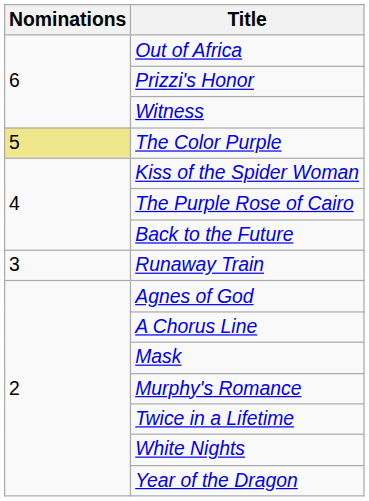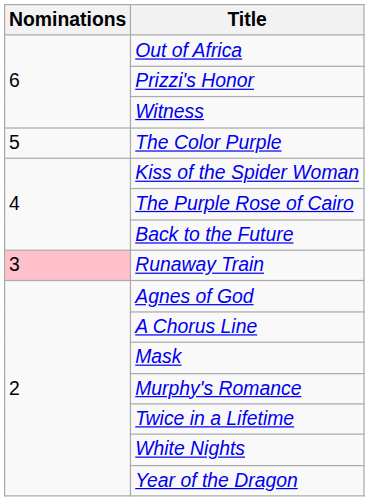 <table class="wikitable">
 <tr>
 <th>Nominations</th>
 <th>Title</th>
 </tr>
 <tr>
 <td rowspan="3">6</td>
 <td><em><a href='#'>Out of Africa</a></em></td>
 </tr>
 <tr>
 <td><em><a href='#'>Prizzi's Honor</a></em></td>
 </tr>
 <tr>
 <td><em><a href='#'>Witness</a></em></td>
 </tr>
 <tr>
-<td style="background: khaki;">5</td>
+<td>5</td>
 <td><em><a href='#'>The Color Purple</a></em></td>
 </tr>
 <tr>
 <td rowspan="3">4</td>
 <td><em><a href='#'>Kiss of the Spider Woman</a></em></td>
 </tr>
 <tr>
 <td><em><a href='#'>The Purple Rose of Cairo</a></em></td>
 </tr>
 <tr>
 <td><em><a href='#'>Back to the Future</a></em></td>
 </tr>
 <tr>
-<td>3</td>
+<td style="background: pink;">3</td>
 <td><em><a href='#'>Runaway Train</a></em></td>
 </tr>
 <tr>
 <td rowspan="7">2</td>
 <td><em><a href='#'>Agnes of God</a></em></td>
 </tr>
 <tr>
 <td><em><a href='#'>A Chorus Line</a></em></td>
 </tr>
 <tr>
 <td><em><a href='#'>Mask</a></em></td>
 </tr>
 <tr>
 <td><em><a href='#'>Murphy's Romance</a></em></td>
 </tr>
 <tr>
 <td><em><a href='#'>Twice in a Lifetime</a></em></td>
 </tr>
 <tr>
 <td><em><a href='#'>White Nights</a></em></td>
 </tr>
 <tr>
 <td><em><a href='#'>Year of the Dragon</a></em></td>
 </tr>
 </table>
